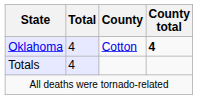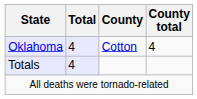 <table class="wikitable" style="margin:0 0 0.5em 1em;float:right;">
 <tr>
 <th>State</th>
 <th>Total</th>
 <th>County</th>
 <th>County<br>total</th>
 </tr>
 <tr>
 <td rowspan=1 bgcolor="#e6e9ff"><a href='#'>Oklahoma</a></td>
 <td rowspan=1 bgcolor="#e6e9ff">4</td>
 <td><a href='#'>Cotton</a></td>
-<td><strong>4</strong></td>
+<td>4</td>
 </tr>
 <tr>
 <td bgcolor="#e6e9ff">Totals</td>
 <td bgcolor="#e6e9ff">4</td>
 <td></td>
 <td></td>
 </tr>
 <tr>
 <td colspan=4 align=center><small>All deaths were tornado-related</small></td>
 </tr>
 </table>
